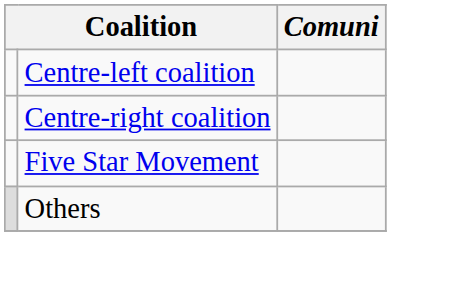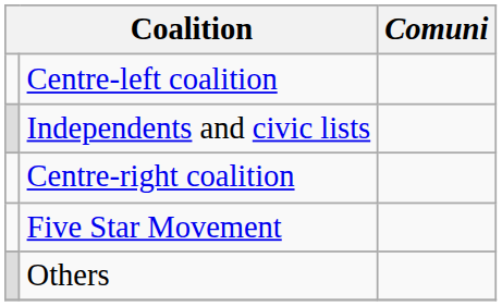 <table class="wikitable">
 <tr>
 <th colspan=2>Coalition</th>
 <th><em>Comuni</em></th>
 </tr>
 <tr>
 <td></td>
 <td><a href='#'>Centre-left coalition</a></td>
+<td></td>
+</tr>
+<tr>
+<td bgcolor="#DDDDDD"></td>
+<td><a href='#'>Independents</a> and <a href='#'>civic lists</a></td>
 <td></td>
 </tr>
 <tr>
 <td></td>
 <td><a href='#'>Centre-right coalition</a></td>
 <td></td>
 </tr>
 <tr>
 <td></td>
 <td><a href='#'>Five Star Movement</a></td>
 <td></td>
 </tr>
 <tr>
 <td bgcolor="#DDDDDD"></td>
 <td>Others</td>
 <td></td>
 </tr>
 <tr>
 </tr>
 </table>
